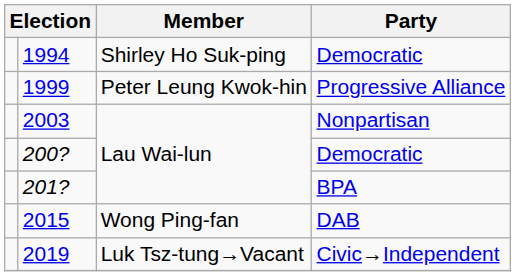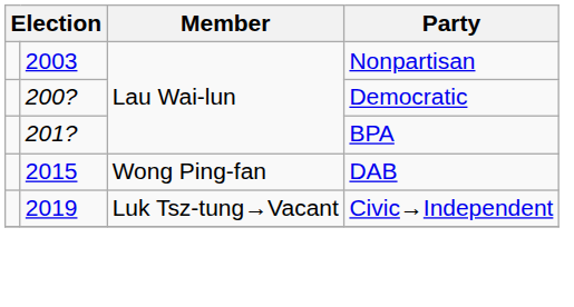 <table class="wikitable">
 <tr>
 <th colspan="2">Election</th>
 <th>Member</th>
 <th>Party</th>
-</tr>
-<tr>
-<td style="color:inherit;background:"></td>
-<td><a href='#'>1994</a></td>
-<td>Shirley Ho Suk-ping</td>
-<td><a href='#'>Democratic</a></td>
-</tr>
-<tr>
-<td style="color:inherit;background:"></td>
-<td><a href='#'>1999</a></td>
-<td>Peter Leung Kwok-hin</td>
-<td><a href='#'>Progressive Alliance</a></td>
 </tr>
 <tr>
 <td style="color:inherit;background:"></td>
 <td><a href='#'>2003</a></td>
 <td rowspan=3>Lau Wai-lun</td>
 <td><a href='#'>Nonpartisan</a></td>
 </tr>
 <tr>
 <td style="color:inherit;background:"></td>
 <td><em>200?</em></td>
 <td><a href='#'>Democratic</a></td>
 </tr>
 <tr>
 <td style="color:inherit;background:"></td>
 <td><em>201?</em></td>
 <td><a href='#'>BPA</a></td>
 </tr>
 <tr>
 <td style="color:inherit;background:"></td>
 <td><a href='#'>2015</a></td>
 <td>Wong Ping-fan</td>
 <td><a href='#'>DAB</a></td>
 </tr>
 <tr>
 <td style="color:inherit;background:"></td>
 <td><a href='#'>2019</a></td>
 <td>Luk Tsz-tung→Vacant</td>
 <td><a href='#'>Civic</a>→<a href='#'>Independent</a></td>
 </tr>
 <tr>
 </tr>
 </table>
